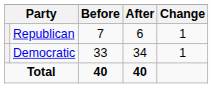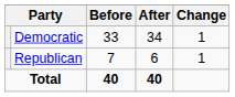 <table class="wikitable" style="text-align:center;">
 <tr>
 </tr>
 <tr>
 <th colspan=2>Party</th>
 <th>Before</th>
 <th>After</th>
 <th>Change</th>
 </tr>
 <tr>
 <th style="background-color:"></th>
-<td style="text-align:left;"><a href='#'>Republican</a></td>
-<td>7</td>
-<td>6</td>
+<td style="text-align:left;"><a href='#'>Democratic</a></td>
+<td>33</td>
+<td>34</td>
 <td> 1</td>
 </tr>
 <tr>
 <th style="background-color:"></th>
-<td style="text-align:left;"><a href='#'>Democratic</a></td>
-<td>33</td>
-<td>34</td>
+<td style="text-align:left;"><a href='#'>Republican</a></td>
+<td>7</td>
+<td>6</td>
 <td> 1</td>
 </tr>
 <tr>
 <td colspan=2><strong>Total</strong></td>
 <td><strong>40</strong></td>
 <td><strong>40</strong></td>
 <td></td>
 </tr>
 </table>
